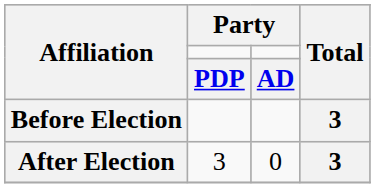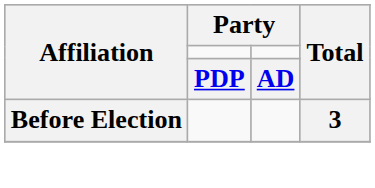 <table class="wikitable" style="text-align:center">
 <tr>
 <th rowspan="3">Affiliation</th>
 <th colspan="2">Party</th>
 <th rowspan="3">Total</th>
 </tr>
 <tr>
 <td style="background-color:"></td>
 <td style="background-color:"></td>
 </tr>
 <tr>
 <th><a href='#'>PDP</a></th>
 <th><a href='#'>AD</a></th>
 </tr>
 <tr>
 <th>Before Election</th>
 <td></td>
 <td></td>
 <th>3</th>
 </tr>
 <tr>
-<th>After Election</th>
-<td>3</td>
-<td>0</td>
-<th>3</th>
-</tr>
-<tr>
 </tr>
 </table>
